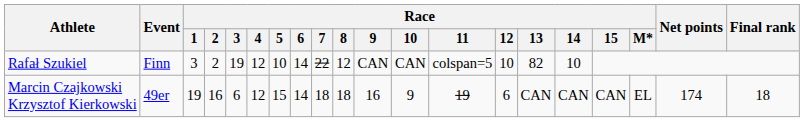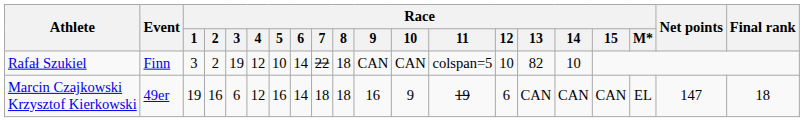 <table class="wikitable" style="font-size:90%">
 <tr>
 <th rowspan="2">Athlete</th>
 <th rowspan="2">Event</th>
 <th colspan=16>Race</th>
 <th rowspan=2>Net points</th>
 <th rowspan=2>Final rank</th>
 </tr>
 <tr style="font-size:95%">
 <th>1</th>
 <th>2</th>
 <th>3</th>
 <th>4</th>
 <th>5</th>
 <th>6</th>
 <th>7</th>
 <th>8</th>
 <th>9</th>
 <th>10</th>
 <th>11</th>
 <th>12</th>
 <th>13</th>
 <th>14</th>
 <th>15</th>
 <th>M*</th>
 </tr>
 <tr align=center>
 <td align=left><a href='#'>Rafał Szukiel</a></td>
 <td align=left><a href='#'>Finn</a></td>
 <td>3</td>
 <td>2</td>
 <td>19</td>
 <td>12</td>
 <td>10</td>
 <td>14</td>
 <td><s>22</s></td>
-<td>12</td>
+<td>18</td>
 <td>CAN</td>
 <td>CAN</td>
 <td>colspan=5 </td>
 <td>10</td>
 <td>82</td>
 <td>10</td>
 </tr>
 <tr align=center>
 <td align=left><a href='#'>Marcin Czajkowski</a><br><a href='#'>Krzysztof Kierkowski</a></td>
 <td align=left><a href='#'>49er</a></td>
 <td>19</td>
 <td>16</td>
 <td>6</td>
 <td>12</td>
-<td>15</td>
+<td>16</td>
 <td>14</td>
 <td>18</td>
 <td>18</td>
 <td>16</td>
 <td>9</td>
 <td><s>19</s></td>
 <td>6</td>
 <td>CAN</td>
 <td>CAN</td>
 <td>CAN</td>
 <td>EL</td>
-<td>174</td>
+<td>147</td>
 <td>18</td>
 </tr>
 </table>
